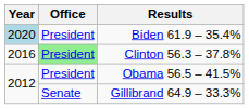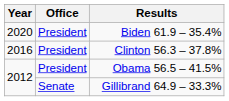 <table class=wikitable>
 <tr>
 <th width="30">Year</th>
 <th width="60">Office</th>
 <th width="180">Results</th>
 </tr>
 <tr>
-<td style="background: lightblue;">2020</td>
+<td>2020</td>
 <td><a href='#'>President</a></td>
 <td align="right" ><a href='#'>Biden</a> 61.9 – 35.4%</td>
 </tr>
 <tr>
 <td>2016</td>
-<td style="background: lightgreen;"><a href='#'>President</a></td>
+<td><a href='#'>President</a></td>
 <td align="right" ><a href='#'>Clinton</a> 56.3 – 37.8%</td>
 </tr>
 <tr>
 <td rowspan="2">2012</td>
 <td><a href='#'>President</a></td>
 <td align="right" ><a href='#'>Obama</a> 56.5 – 41.5%</td>
 </tr>
 <tr>
 <td><a href='#'>Senate</a></td>
 <td align="right" ><a href='#'>Gillibrand</a> 64.9 – 33.3%</td>
 </tr>
 </table>
